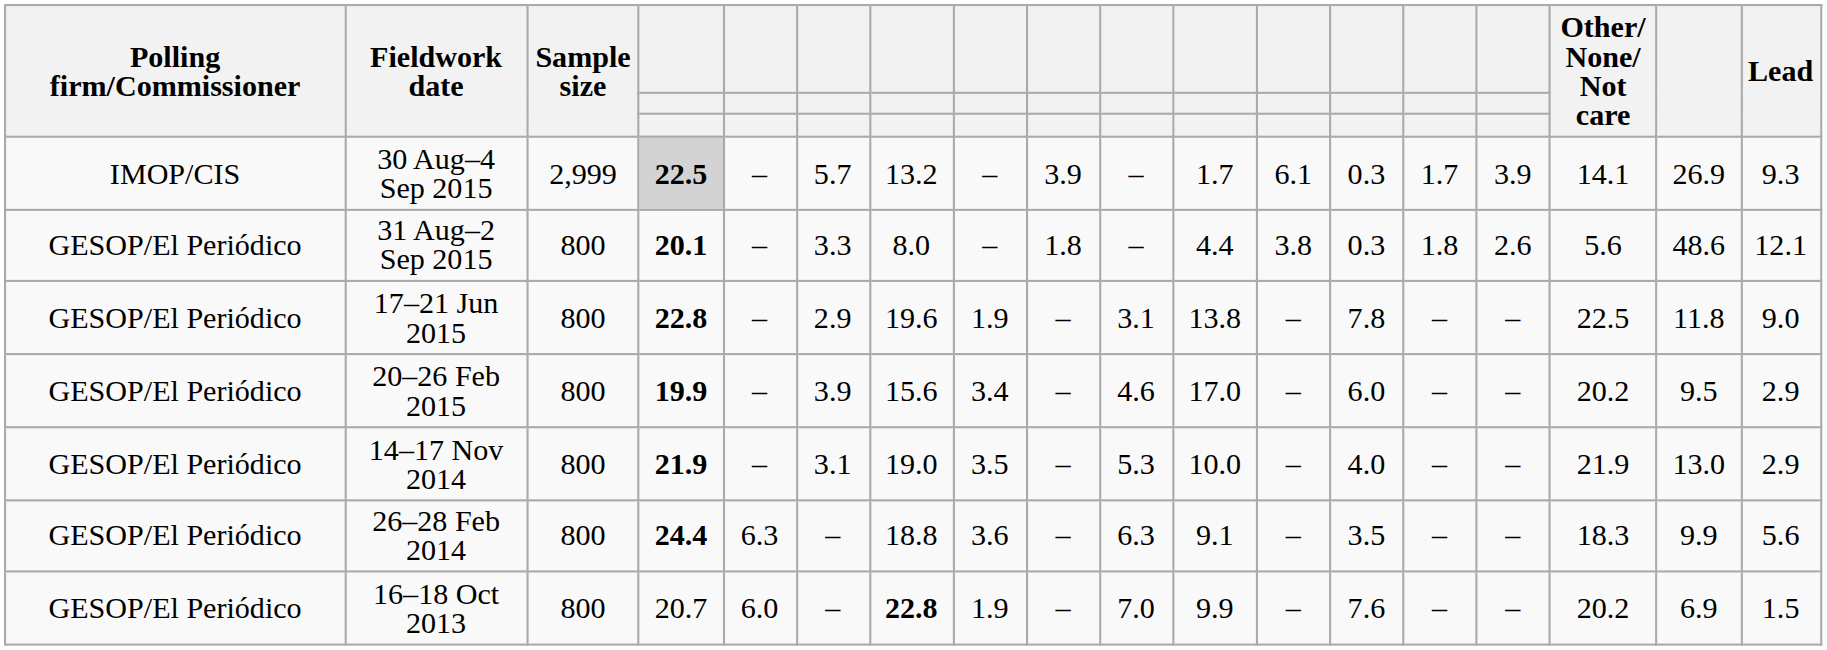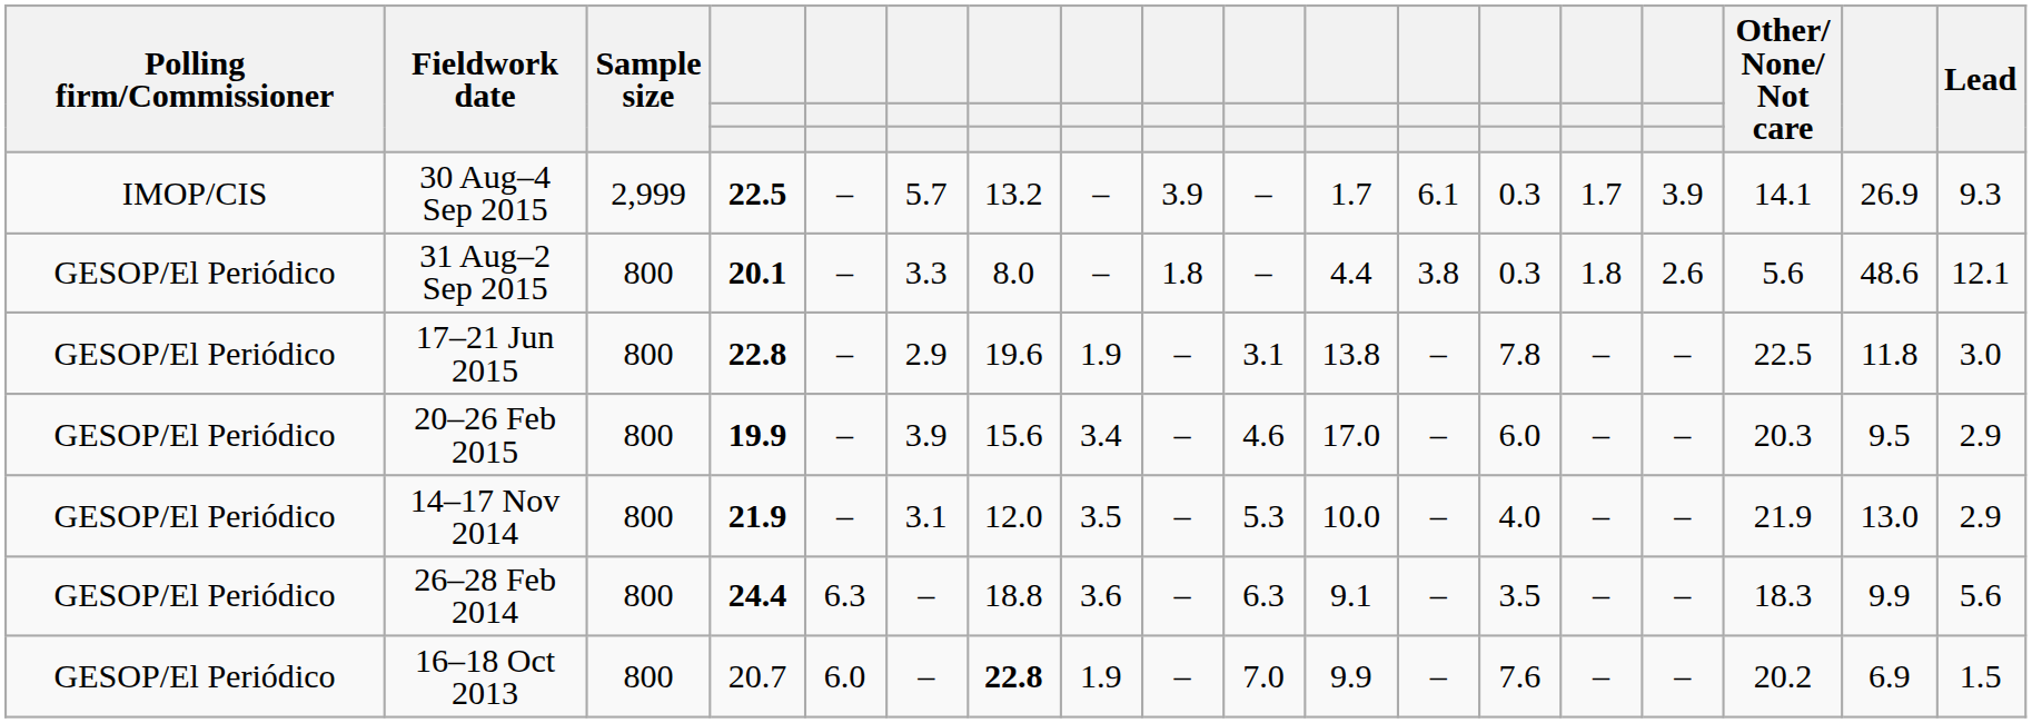 <table class="wikitable collapsible collapsed" style="text-align:center; font-size:90%; line-height:14px;">
 <tr style="height:42px;">
 <th style="width:250px;" rowspan="3">Polling firm/Commissioner</th>
 <th style="width:125px;" rowspan="3">Fieldwork date</th>
 <th style="width:50px;" rowspan="3">Sample size</th>
 <th style="width:55px;"></th>
 <th style="width:55px;"></th>
 <th style="width:55px;"></th>
 <th style="width:55px;"></th>
 <th style="width:55px;"></th>
 <th style="width:55px;"></th>
 <th style="width:55px;"></th>
 <th style="width:55px;"></th>
 <th style="width:55px;"></th>
 <th style="width:55px;"></th>
 <th style="width:55px;"></th>
 <th style="width:55px;"></th>
 <th style="width:55px;" rowspan="3">Other/<br>None/<br>Not<br>care</th>
 <th style="width:55px;" rowspan="3"></th>
 <th style="width:30px;" rowspan="3">Lead</th>
 </tr>
 <tr>
 <th style="color:inherit;background:"></th>
 <th style="color:inherit;background:"></th>
 <th style="color:inherit;background:"></th>
 <th style="color:inherit;background:"></th>
 <th style="color:inherit;background:"></th>
 <th style="color:inherit;background:"></th>
 <th style="color:inherit;background:"></th>
 <th style="color:inherit;background:"></th>
 <th style="color:inherit;background:"></th>
 <th style="color:inherit;background:"></th>
 <th style="color:inherit;background:"></th>
 <th style="color:inherit;background:"></th>
 </tr>
 <tr>
 <th></th>
 <th></th>
 <th></th>
 <th></th>
 <th></th>
 <th></th>
 <th></th>
 <th></th>
 <th></th>
 <th></th>
 <th></th>
 <th></th>
 </tr>
 <tr>
 <td>IMOP/CIS</td>
 <td>30 Aug–4 Sep 2015</td>
 <td>2,999</td>
-<td style="background: lightgrey;"><strong>22.5</strong></td>
+<td><strong>22.5</strong></td>
 <td>–</td>
 <td>5.7</td>
 <td>13.2</td>
 <td>–</td>
 <td>3.9</td>
 <td>–</td>
 <td>1.7</td>
 <td>6.1</td>
 <td>0.3</td>
 <td>1.7</td>
 <td>3.9</td>
 <td>14.1</td>
 <td>26.9</td>
 <td style="background:">9.3</td>
 </tr>
 <tr>
 <td>GESOP/El Periódico</td>
 <td>31 Aug–2 Sep 2015</td>
 <td>800</td>
 <td><strong>20.1</strong></td>
 <td>–</td>
 <td>3.3</td>
 <td>8.0</td>
 <td>–</td>
 <td>1.8</td>
 <td>–</td>
 <td>4.4</td>
 <td>3.8</td>
 <td>0.3</td>
 <td>1.8</td>
 <td>2.6</td>
 <td>5.6</td>
 <td>48.6</td>
 <td style="background:">12.1</td>
 </tr>
 <tr>
 <td>GESOP/El Periódico</td>
 <td>17–21 Jun 2015</td>
 <td>800</td>
 <td><strong>22.8</strong></td>
 <td>–</td>
 <td>2.9</td>
 <td>19.6</td>
 <td>1.9</td>
 <td>–</td>
 <td>3.1</td>
 <td>13.8</td>
 <td>–</td>
 <td>7.8</td>
 <td>–</td>
 <td>–</td>
 <td>22.5</td>
 <td>11.8</td>
-<td style="background:">9.0</td>
+<td style="background:">3.0</td>
 </tr>
 <tr>
 <td>GESOP/El Periódico</td>
 <td>20–26 Feb 2015</td>
 <td>800</td>
 <td><strong>19.9</strong></td>
 <td>–</td>
 <td>3.9</td>
 <td>15.6</td>
 <td>3.4</td>
 <td>–</td>
 <td>4.6</td>
 <td>17.0</td>
 <td>–</td>
 <td>6.0</td>
 <td>–</td>
 <td>–</td>
-<td>20.2</td>
+<td>20.3</td>
 <td>9.5</td>
 <td style="background:">2.9</td>
 </tr>
 <tr>
 <td>GESOP/El Periódico</td>
 <td>14–17 Nov 2014</td>
 <td>800</td>
 <td><strong>21.9</strong></td>
 <td>–</td>
 <td>3.1</td>
-<td>19.0</td>
+<td>12.0</td>
 <td>3.5</td>
 <td>–</td>
 <td>5.3</td>
 <td>10.0</td>
 <td>–</td>
 <td>4.0</td>
 <td>–</td>
 <td>–</td>
 <td>21.9</td>
 <td>13.0</td>
 <td style="background:">2.9</td>
 </tr>
 <tr>
 <td>GESOP/El Periódico</td>
 <td>26–28 Feb 2014</td>
 <td>800</td>
 <td><strong>24.4</strong></td>
 <td>6.3</td>
 <td>–</td>
 <td>18.8</td>
 <td>3.6</td>
 <td>–</td>
 <td>6.3</td>
 <td>9.1</td>
 <td>–</td>
 <td>3.5</td>
 <td>–</td>
 <td>–</td>
 <td>18.3</td>
 <td>9.9</td>
 <td style="background:">5.6</td>
 </tr>
 <tr>
 <td>GESOP/El Periódico</td>
 <td>16–18 Oct 2013</td>
 <td>800</td>
 <td>20.7</td>
 <td>6.0</td>
 <td>–</td>
 <td><strong>22.8</strong></td>
 <td>1.9</td>
 <td>–</td>
 <td>7.0</td>
 <td>9.9</td>
 <td>–</td>
 <td>7.6</td>
 <td>–</td>
 <td>–</td>
 <td>20.2</td>
 <td>6.9</td>
 <td style="background:">1.5</td>
 </tr>
 </table>
